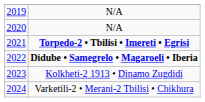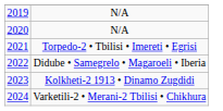 <table class="wikitable" style="text-align: center">
 <tr>
 </tr>
 <tr>
 <td><a href='#'>2019</a></td>
 <td>N/A</td>
 </tr>
 <tr>
 <td><a href='#'>2020</a></td>
 <td>N/A</td>
 </tr>
 <tr>
 <td><a href='#'>2021</a></td>
-<td><strong><a href='#'>Torpedo-2</a> • Tbilisi • <a href='#'>Imereti</a> • <a href='#'>Egrisi</a></strong></td>
+<td><a href='#'>Torpedo-2</a> • Tbilisi • <a href='#'>Imereti</a> • <a href='#'>Egrisi</a></td>
 </tr>
 <tr>
 <td><a href='#'>2022</a></td>
-<td><strong>Didube • <a href='#'>Samegrelo</a> • <a href='#'>Magaroeli</a> • Iberia</strong></td>
+<td>Didube • <a href='#'>Samegrelo</a> • <a href='#'>Magaroeli</a> • Iberia</td>
 </tr>
 <tr>
 <td><a href='#'>2023</a></td>
 <td><a href='#'>Kolkheti-2 1913</a> • <a href='#'>Dinamo Zugdidi</a></td>
 </tr>
 <tr>
 <td><a href='#'>2024</a></td>
 <td>Varketili-2 • <a href='#'>Merani-2 Tbilisi</a> • <a href='#'>Chikhura</a></td>
 </tr>
 </table>
